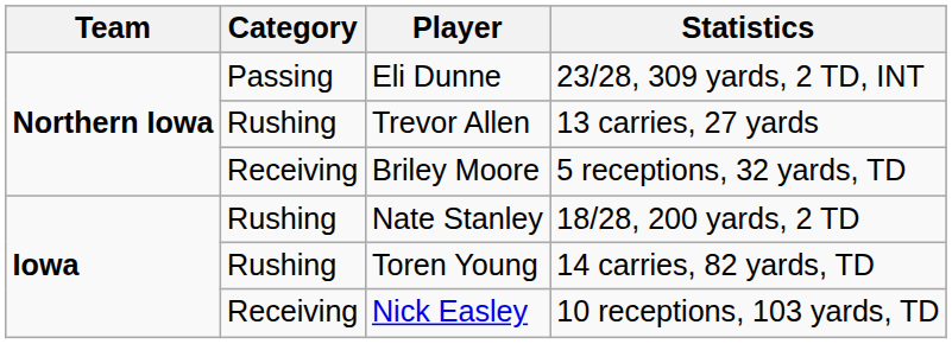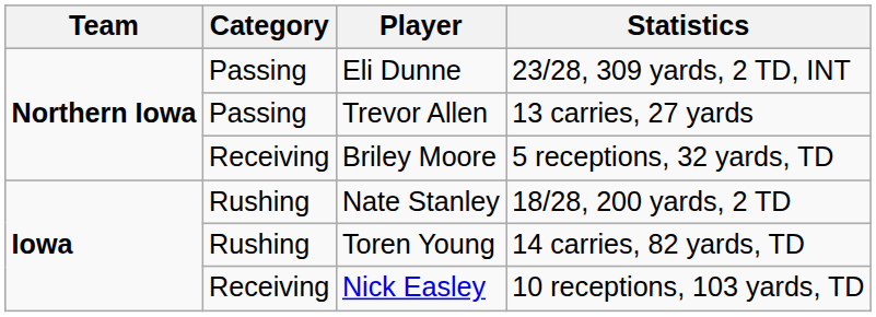 <table class="wikitable" style="float: left;">
 <tr>
 <th>Team</th>
 <th>Category</th>
 <th>Player</th>
 <th>Statistics</th>
 </tr>
 <tr>
 <td rowspan=3><strong>Northern Iowa</strong></td>
 <td>Passing</td>
 <td>Eli Dunne</td>
 <td>23/28, 309 yards, 2 TD, INT</td>
 </tr>
 <tr>
-<td>Rushing</td>
+<td>Passing</td>
 <td>Trevor Allen</td>
 <td>13 carries, 27 yards</td>
 </tr>
 <tr>
 <td>Receiving</td>
 <td>Briley Moore</td>
 <td>5 receptions, 32 yards, TD</td>
 </tr>
 <tr>
 <td rowspan=3><strong>Iowa</strong></td>
 <td>Rushing</td>
 <td>Nate Stanley</td>
 <td>18/28, 200 yards, 2 TD</td>
 </tr>
 <tr>
 <td>Rushing</td>
 <td>Toren Young</td>
 <td>14 carries, 82 yards, TD</td>
 </tr>
 <tr>
 <td>Receiving</td>
 <td><a href='#'>Nick Easley</a></td>
 <td>10 receptions, 103 yards, TD</td>
 </tr>
 </table>
